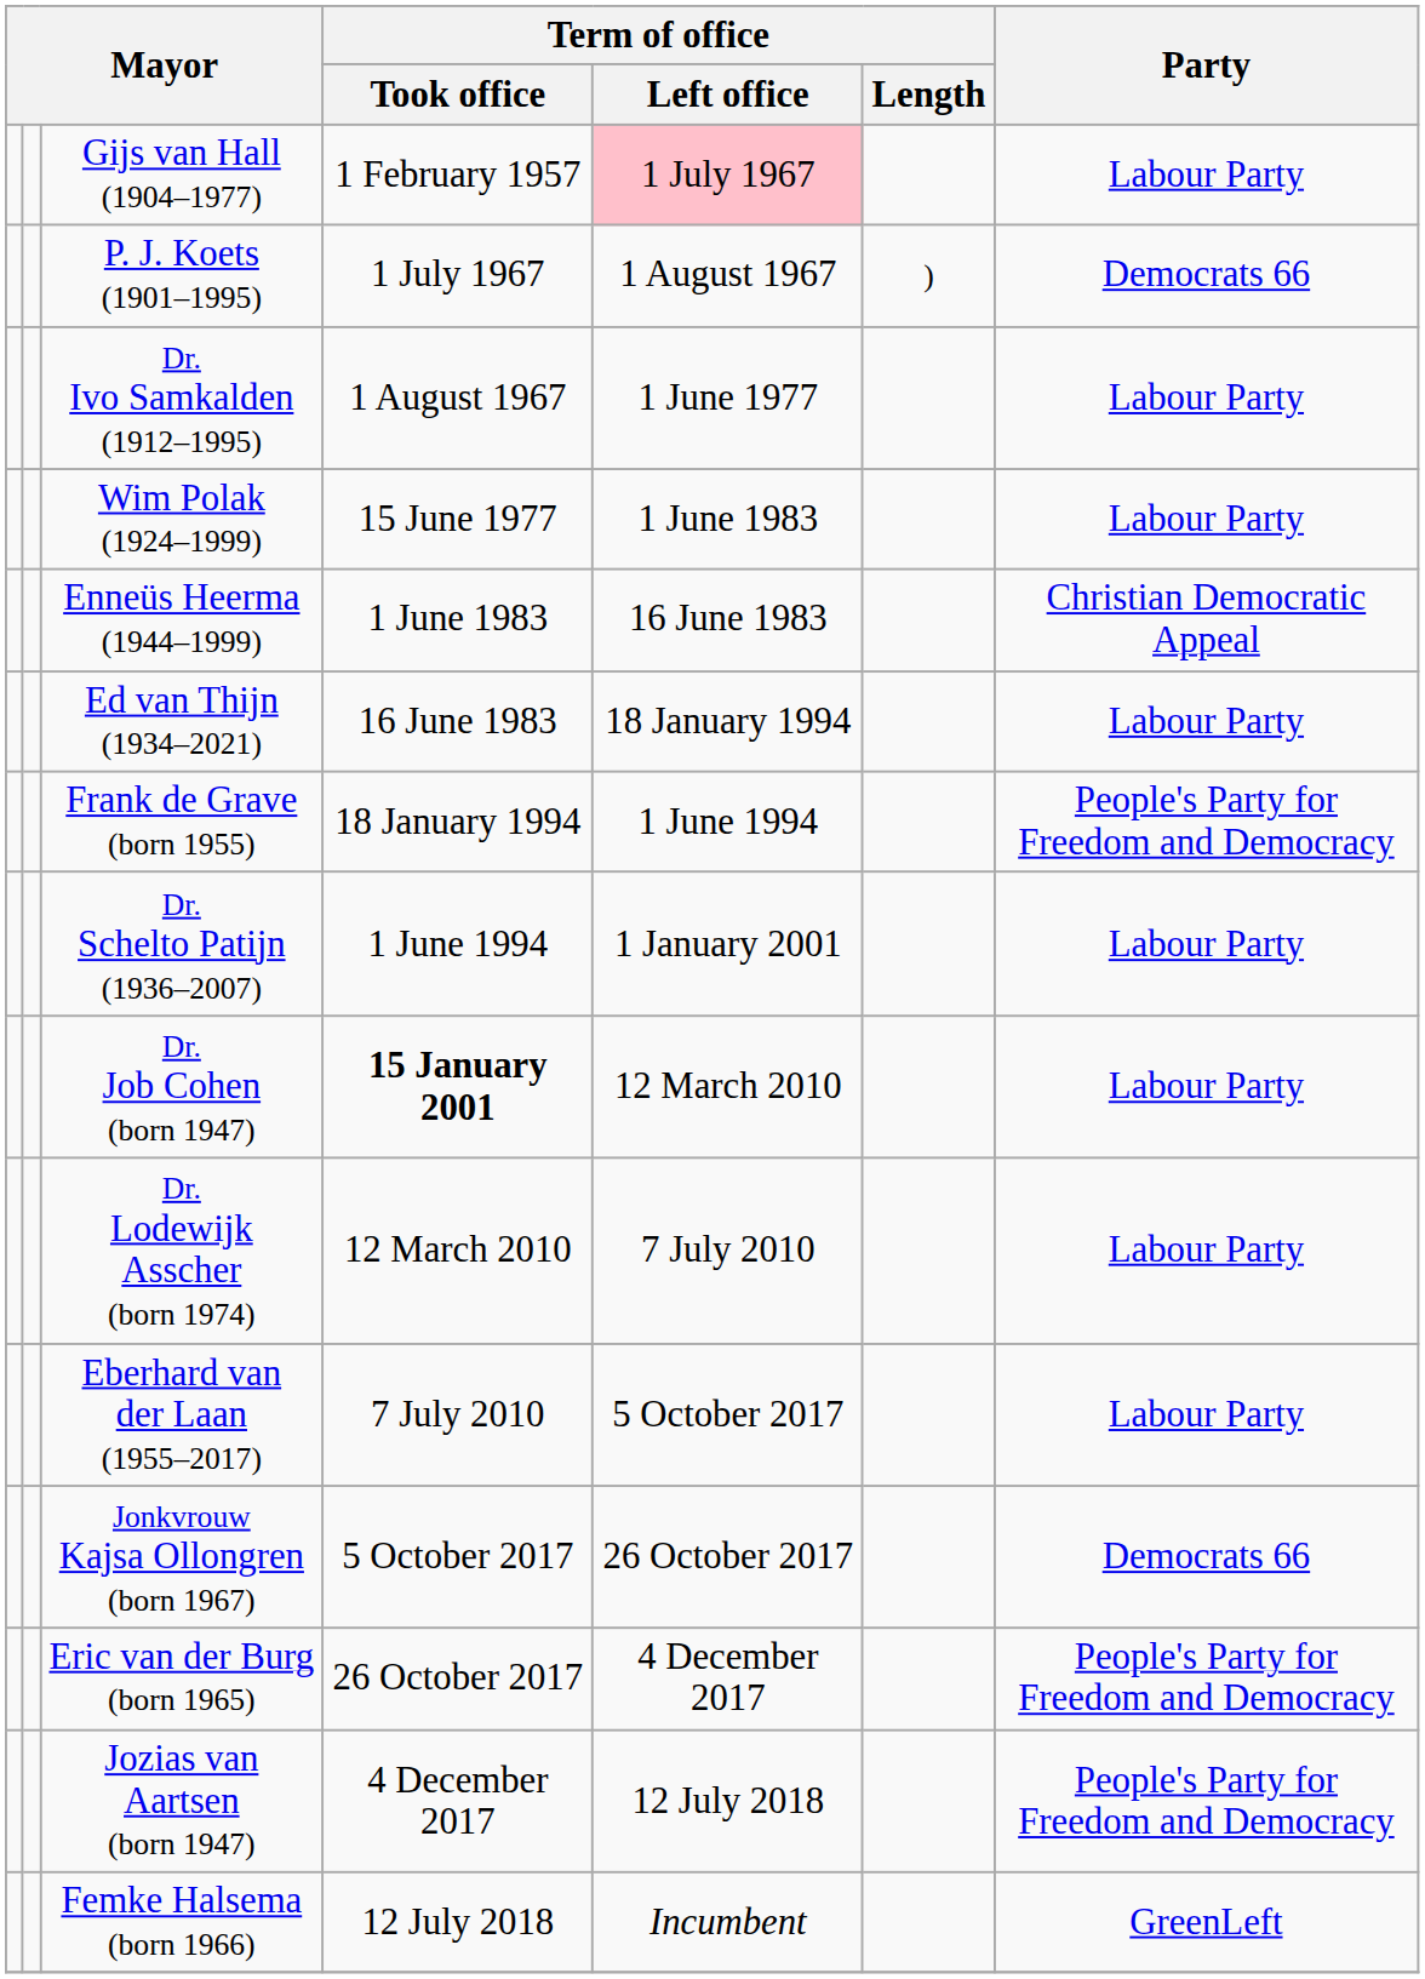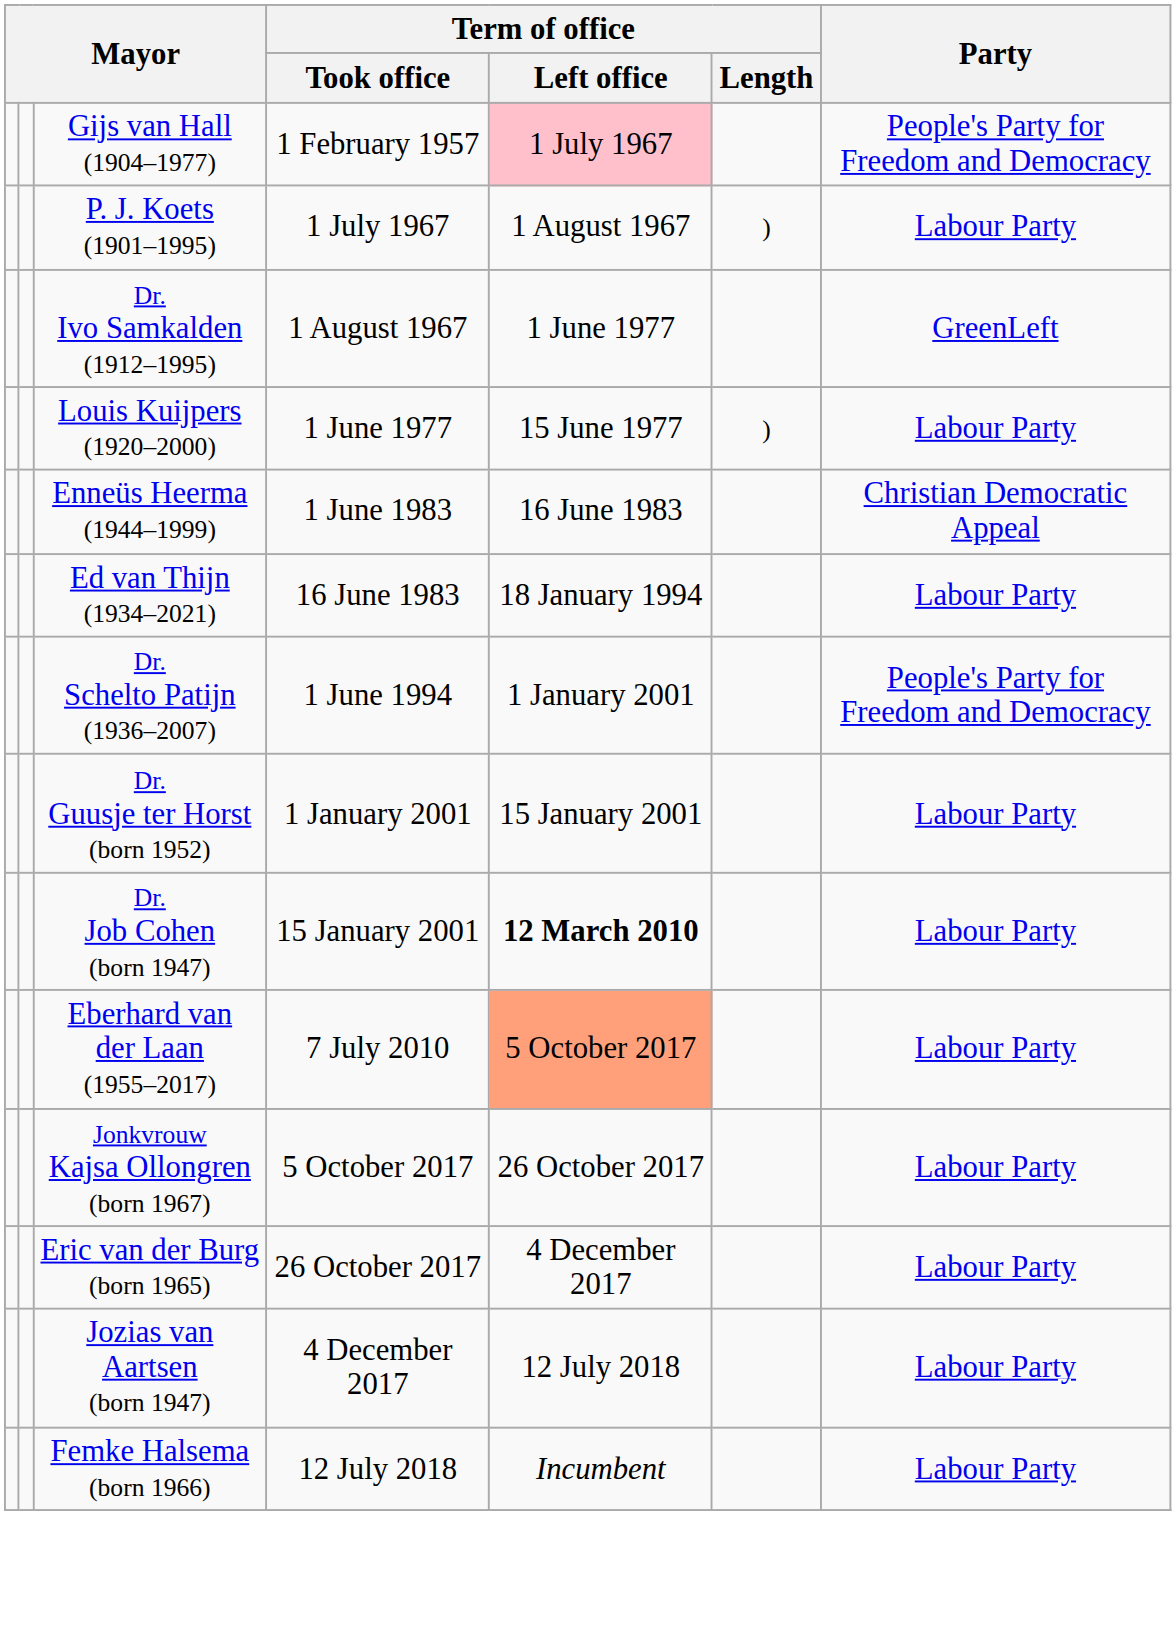 <table class="wikitable" style="text-align:center">
 <tr>
 <th colspan=3 rowspan=2>Mayor</th>
 <th colspan=3>Term of office</th>
 <th rowspan=2>Party</th>
 </tr>
 <tr>
 <th>Took office</th>
 <th><strong>Left office</strong></th>
 <th>Length</th>
 </tr>
 <tr>
 <td style="background:"></td>
 <td></td>
 <td><a href='#'>Gijs van Hall</a> <br> <small>(1904–1977)</small></td>
 <td>1 February 1957</td>
 <td style="background: pink;">1 July 1967</td>
 <td><small></small> <br> </td>
-<td><a href='#'>Labour Party</a></td>
+<td><a href='#'>People's Party for <br> Freedom and Democracy</a></td>
 </tr>
 <tr>
 <td style="background:"></td>
 <td></td>
 <td><a href='#'>P. J. Koets</a> <br> <small>(1901–1995)</small></td>
 <td>1 July 1967</td>
 <td>1 August 1967</td>
 <td><small>)</small><br> </td>
-<td><a href='#'>Democrats 66</a></td>
+<td><a href='#'>Labour Party</a></td>
 </tr>
 <tr>
 <td style="background:"></td>
 <td></td>
 <td><small><a href='#'>Dr.</a></small> <br> <a href='#'>Ivo Samkalden</a> <br> <small>(1912–1995)</small></td>
 <td>1 August 1967</td>
 <td>1 June 1977</td>
 <td><small></small></td>
-<td><a href='#'>Labour Party</a></td>
+<td><a href='#'>GreenLeft</a></td>
 </tr>
 <tr>
 <td style="background:"></td>
 <td></td>
-<td><a href='#'>Wim Polak</a> <br> <small>(1924–1999)</small></td>
+<td><a href='#'>Louis Kuijpers</a> <br> <small>(1920–2000)</small></td>
+<td>1 June 1977</td>
 <td>15 June 1977</td>
-<td>1 June 1983</td>
-<td><small></small></td>
+<td><small>)</small><br> </td>
 <td><a href='#'>Labour Party</a></td>
 </tr>
 <tr>
 <td style="background:"></td>
 <td></td>
 <td><a href='#'>Enneüs Heerma</a> <br> <small>(1944–1999)</small></td>
 <td>1 June 1983</td>
 <td>16 June 1983</td>
 <td><small></small><br> </td>
 <td><a href='#'>Christian Democratic Appeal</a></td>
 </tr>
 <tr>
 <td style="background:"></td>
 <td></td>
 <td><a href='#'>Ed van Thijn</a> <br> <small>(1934–2021)</small></td>
 <td>16 June 1983</td>
 <td>18 January 1994</td>
 <td><small></small><br> </td>
 <td><a href='#'>Labour Party</a></td>
 </tr>
 <tr>
 <td style="background:"></td>
 <td></td>
-<td><a href='#'>Frank de Grave</a> <br> <small>(born 1955)</small></td>
-<td>18 January 1994</td>
+<td><small><a href='#'>Dr.</a></small> <br> <a href='#'>Schelto Patijn</a> <br> <small>(1936–2007)</small></td>
 <td>1 June 1994</td>
-<td><small></small><br> </td>
+<td>1 January 2001</td>
+<td><small></small></td>
 <td><a href='#'>People's Party for <br> Freedom and Democracy</a></td>
 </tr>
 <tr>
 <td style="background:"></td>
 <td></td>
-<td><small><a href='#'>Dr.</a></small> <br> <a href='#'>Schelto Patijn</a> <br> <small>(1936–2007)</small></td>
-<td>1 June 1994</td>
+<td><small><a href='#'>Dr.</a></small> <br> <a href='#'>Guusje ter Horst</a> <br> <small>(born 1952)</small></td>
 <td>1 January 2001</td>
-<td><small></small></td>
+<td>15 January 2001</td>
+<td><small></small><br>  <br></td>
 <td><a href='#'>Labour Party</a></td>
 </tr>
 <tr>
 <td style="background:"></td>
 <td></td>
 <td><small><a href='#'>Dr.</a></small> <br> <a href='#'>Job Cohen</a> <br> <small>(born 1947)</small></td>
-<td><strong>15 January 2001</strong></td>
-<td>12 March 2010</td>
-<td><small></small><br> </td>
-<td><a href='#'>Labour Party</a></td>
-</tr>
-<tr>
-<td style="background:"></td>
-<td></td>
-<td><small><a href='#'>Dr.</a></small> <br> <a href='#'>Lodewijk Asscher</a> <br> <small>(born 1974)</small></td>
-<td>12 March 2010</td>
-<td>7 July 2010</td>
+<td>15 January 2001</td>
+<td><strong>12 March 2010</strong></td>
 <td><small></small><br> </td>
 <td><a href='#'>Labour Party</a></td>
 </tr>
 <tr>
 <td style="background:"></td>
 <td></td>
 <td><a href='#'>Eberhard van <br> der Laan</a> <br> <small>(1955–2017)</small></td>
 <td>7 July 2010</td>
-<td>5 October 2017</td>
+<td style="background: lightsalmon;">5 October 2017</td>
 <td><small></small><br>  <br></td>
 <td><a href='#'>Labour Party</a></td>
 </tr>
 <tr>
 <td style="background:"></td>
 <td></td>
 <td><small><a href='#'>Jonkvrouw</a></small> <br> <a href='#'>Kajsa Ollongren</a> <br> <small>(born 1967)</small></td>
 <td>5 October 2017</td>
 <td>26 October 2017</td>
 <td><small></small><br>   <br></td>
-<td><a href='#'>Democrats 66</a></td>
+<td><a href='#'>Labour Party</a></td>
 </tr>
 <tr>
 <td style="background:"></td>
 <td></td>
 <td><a href='#'>Eric van der Burg</a><br> <small>(born 1965)</small></td>
 <td>26 October 2017</td>
 <td>4 December 2017</td>
 <td><small></small><br> </td>
-<td><a href='#'>People's Party for <br> Freedom and Democracy</a></td>
+<td><a href='#'>Labour Party</a></td>
 </tr>
 <tr>
 <td style="background:"></td>
 <td></td>
 <td><a href='#'>Jozias van Aartsen</a> <br> <small>(born 1947)</small></td>
 <td>4 December 2017</td>
 <td>12 July 2018</td>
 <td><small></small> <br> </td>
-<td><a href='#'>People's Party for <br> Freedom and Democracy</a></td>
+<td><a href='#'>Labour Party</a></td>
 </tr>
 <tr>
 <td style="background:"></td>
 <td></td>
 <td><a href='#'>Femke Halsema</a> <br> <small>(born 1966)</small></td>
 <td>12 July 2018</td>
 <td><em>Incumbent</em></td>
 <td><small></small><br></td>
-<td><a href='#'>GreenLeft</a></td>
+<td><a href='#'>Labour Party</a></td>
 </tr>
 <tr>
 </tr>
 </table>
